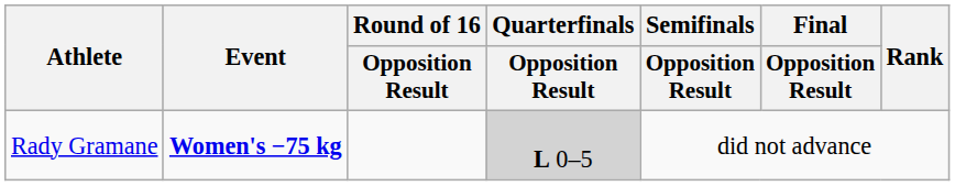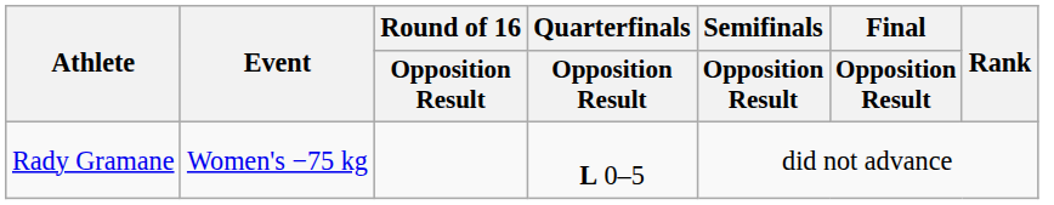 <table class="wikitable" style="font-size:90%;">
 <tr>
 <th rowspan=2>Athlete</th>
 <th rowspan=2>Event</th>
 <th>Round of 16</th>
 <th>Quarterfinals</th>
 <th>Semifinals</th>
 <th>Final</th>
 <th rowspan=2>Rank</th>
 </tr>
 <tr style="font-size:95%">
 <th>Opposition<br>Result</th>
 <th>Opposition<br>Result</th>
 <th>Opposition<br>Result</th>
 <th>Opposition<br>Result</th>
 </tr>
 <tr align=center>
 <td align=left><a href='#'>Rady Gramane</a></td>
-<td align=left><strong><a href='#'>Women's −75 kg</a></strong></td>
+<td align=left><a href='#'>Women's −75 kg</a></td>
 <td></td>
-<td style="background: lightgrey;"><br><strong>L</strong> 0–5</td>
+<td><br><strong>L</strong> 0–5</td>
 <td colspan=3>did not advance</td>
 </tr>
 </table>
